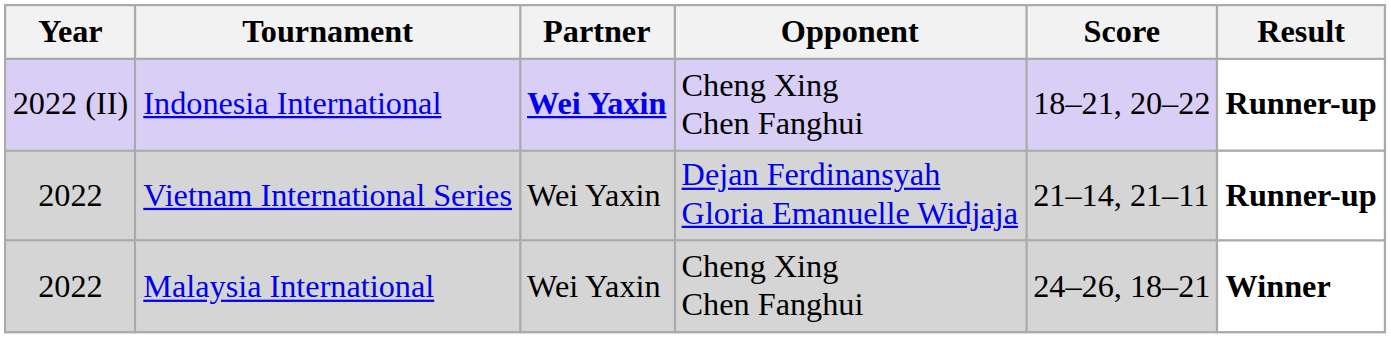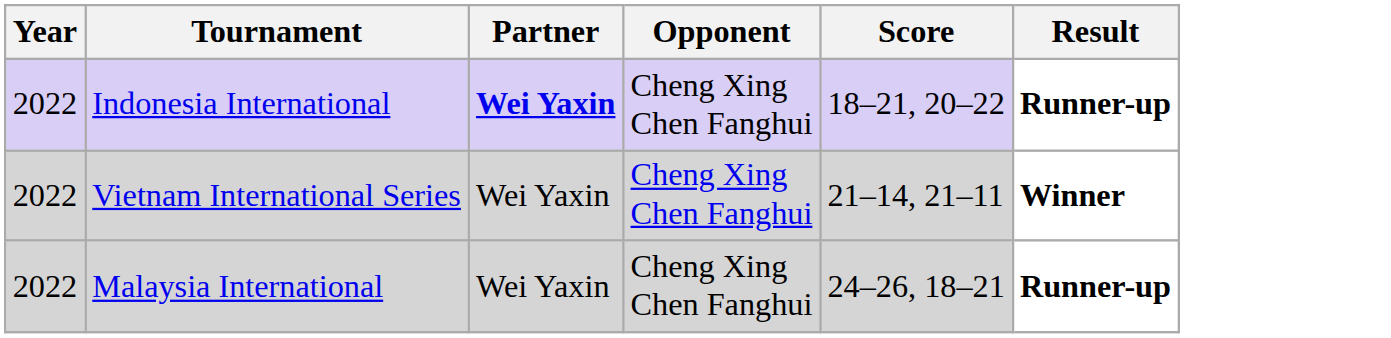 <table class="sortable wikitable" style="font-size: 90%;">
 <tr>
 <th>Year</th>
 <th>Tournament</th>
 <th>Partner</th>
 <th>Opponent</th>
 <th>Score</th>
 <th>Result</th>
 </tr>
 <tr style="background:#D8CEF6">
-<td align="center">2022 (II)</td>
+<td align="center">2022</td>
 <td align="left"><a href='#'>Indonesia International</a></td>
 <td align="left"><strong> <a href='#'>Wei Yaxin</a></strong></td>
 <td align="left"> Cheng Xing<br> Chen Fanghui</td>
 <td align="left">18–21, 20–22</td>
 <td style="text-align:left; background:white"> <strong>Runner-up</strong></td>
 </tr>
 <tr style="background:#D5D5D5">
 <td align="center">2022</td>
 <td align="left"><a href='#'>Vietnam International Series</a></td>
 <td align="left"> Wei Yaxin</td>
-<td align="left"> <a href='#'>Dejan Ferdinansyah</a><br> <a href='#'>Gloria Emanuelle Widjaja</a></td>
+<td align="left"> <a href='#'>Cheng Xing</a><br> <a href='#'>Chen Fanghui</a></td>
 <td align="left">21–14, 21–11</td>
-<td style="text-align:left; background:white"> <strong>Runner-up</strong></td>
+<td style="text-align:left; background:white"> <strong>Winner</strong></td>
 </tr>
 <tr style="background:#D5D5D5">
 <td align="center">2022</td>
 <td align="left"><a href='#'>Malaysia International</a></td>
 <td align="left"> Wei Yaxin</td>
 <td align="left"> Cheng Xing<br> Chen Fanghui</td>
 <td align="left">24–26, 18–21</td>
-<td style="text-align:left; background:white"> <strong>Winner</strong></td>
+<td style="text-align:left; background:white"> <strong>Runner-up</strong></td>
 </tr>
 </table>
